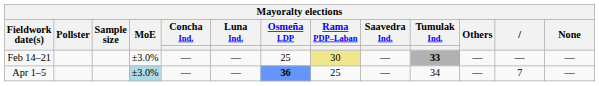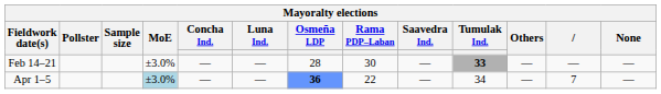 <table class="wikitable" style="text-align:center;font-size:85%;line-height:14px;">
 <tr>
 <th colspan="13">Mayoralty elections</th>
 </tr>
 <tr>
 <th rowspan="2">Fieldwork<br>date(s)</th>
 <th rowspan="2">Pollster</th>
 <th rowspan="2" data-sort-type="number">Sample<br>size</th>
 <th rowspan="2" data-sort-type="number"><abbr>MoE</abbr></th>
 <th class="unsortable" style="width:60px;">Concha<br><small><a href='#'>Ind.</a></small></th>
 <th class="unsortable" style="width:60px;">Luna<br><small><a href='#'>Ind.</a></small></th>
 <th class="unsortable" style="width:60px;"><a href='#'>Osmeña</a><br><small><a href='#'>LDP</a></small></th>
 <th class="unsortable" style="width:60px;"><a href='#'>Rama</a><br><small><a href='#'>PDP–Laban</a></small></th>
 <th class="unsortable" style="width:60px;">Saavedra<br><small><a href='#'>Ind.</a></small></th>
 <th class="unsortable" style="width:60px;">Tumulak<br><small><a href='#'>Ind.</a></small></th>
 <th rowspan="2">Others</th>
 <th rowspan="2" class="unsortable" style="width:60px;">/<br></th>
 <th rowspan="2" style="width:60px;">None</th>
 </tr>
 <tr>
 <th style="background:"></th>
 <th style="background:"></th>
 <th style="background:"></th>
 <th style="background:"></th>
 <th style="background:"></th>
 <th style="background:"></th>
 </tr>
 <tr>
 <td>Feb 14–21</td>
 <td></td>
 <td></td>
 <td>±3.0%</td>
 <td>—</td>
 <td>—</td>
-<td>25</td>
-<td style="background: khaki;">30</td>
+<td>28</td>
+<td>30</td>
 <td>—</td>
 <td style="background:#B1B1B1;"><strong>33</strong></td>
 <td>—</td>
 <td>—</td>
 <td>—</td>
 </tr>
 <tr>
 <td>Apr 1–5</td>
 <td></td>
 <td></td>
 <td style="background: lightblue;">±3.0%</td>
 <td>—</td>
 <td>—</td>
 <td style="background:#6495FD;"><strong>36</strong></td>
-<td>25</td>
+<td>22</td>
 <td>—</td>
 <td>34</td>
 <td>—</td>
 <td>7</td>
 <td>—</td>
 </tr>
 </table>
